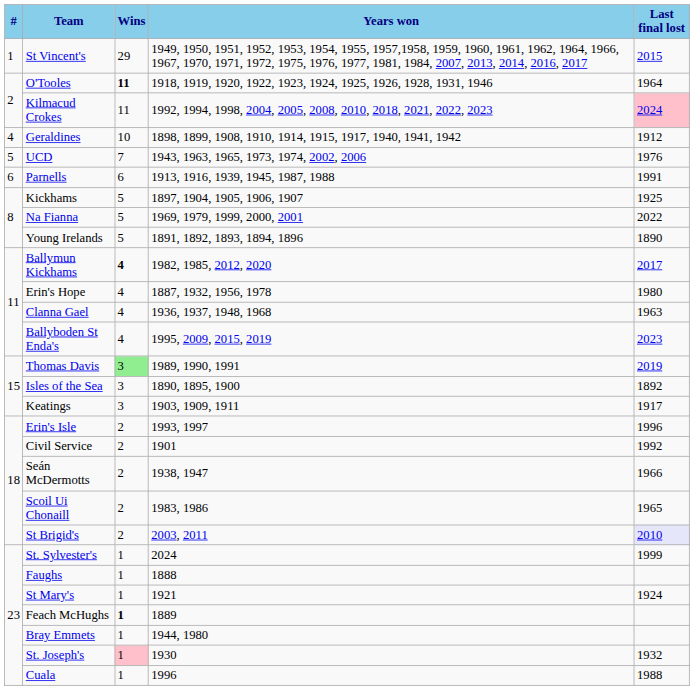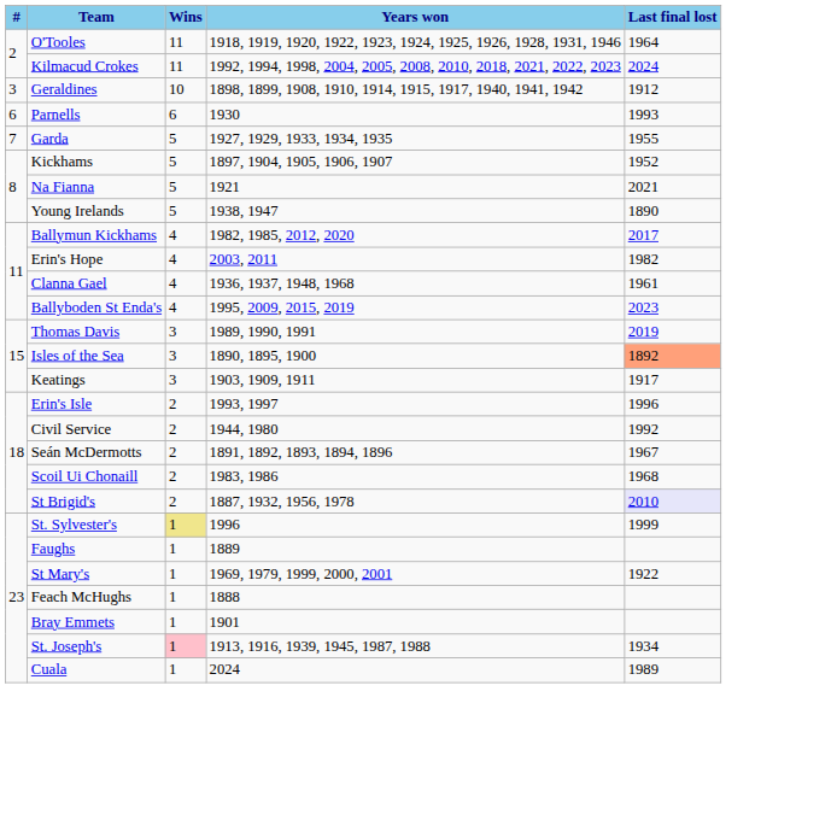 <table class="wikitable">
 <tr>
 <th style="background:skyblue;color:navy;">#</th>
 <th style="background:skyblue;color:navy;">Team</th>
 <th style="background:skyblue;color:navy;">Wins</th>
 <th style="background:skyblue;color:navy;">Years won</th>
 <th style="background:skyblue;color:navy;">Last final lost</th>
 </tr>
 <tr>
-<td>1</td>
-<td><a href='#'>St Vincent's</a></td>
-<td>29</td>
-<td>1949, 1950, 1951, 1952, 1953, 1954, 1955, 1957,1958, 1959, 1960, 1961, 1962, 1964, 1966, 1967, 1970, 1971, 1972, 1975, 1976, 1977, 1981, 1984, <a href='#'>2007</a>, <a href='#'>2013</a>, <a href='#'>2014</a>, <a href='#'>2016</a>, <a href='#'>2017</a></td>
-<td><a href='#'>2015</a></td>
-</tr>
-<tr>
 <td rowspan=2>2</td>
 <td><a href='#'>O'Tooles</a></td>
-<td><strong>11</strong></td>
+<td>11</td>
 <td>1918, 1919, 1920, 1922, 1923, 1924, 1925, 1926, 1928, 1931, 1946</td>
 <td>1964</td>
 </tr>
 <tr>
 <td><a href='#'>Kilmacud Crokes</a></td>
 <td>11</td>
 <td>1992, 1994, 1998, <a href='#'>2004</a>, <a href='#'>2005</a>, <a href='#'>2008</a>, <a href='#'>2010</a>, <a href='#'>2018</a>, <a href='#'>2021</a>, <a href='#'>2022</a>, <a href='#'>2023</a></td>
-<td style="background: pink;"><a href='#'>2024</a></td>
+<td><a href='#'>2024</a></td>
 </tr>
 <tr>
-<td>4</td>
+<td>3</td>
 <td><a href='#'>Geraldines</a></td>
 <td>10</td>
 <td>1898, 1899, 1908, 1910, 1914, 1915, 1917, 1940, 1941, 1942</td>
 <td>1912</td>
 </tr>
 <tr>
-<td>5</td>
-<td><a href='#'>UCD</a></td>
-<td>7</td>
-<td>1943, 1963, 1965, 1973, 1974, <a href='#'>2002</a>, <a href='#'>2006</a></td>
-<td>1976</td>
-</tr>
-<tr>
 <td>6</td>
 <td><a href='#'>Parnells</a></td>
 <td>6</td>
-<td>1913, 1916, 1939, 1945, 1987, 1988</td>
-<td>1991</td>
+<td>1930</td>
+<td>1993</td>
+</tr>
+<tr>
+<td>7</td>
+<td><a href='#'>Garda</a></td>
+<td>5</td>
+<td>1927, 1929, 1933, 1934, 1935</td>
+<td>1955</td>
 </tr>
 <tr>
 <td rowspan=3>8</td>
 <td [>Kickhams</td>
 <td>5</td>
 <td>1897, 1904, 1905, 1906, 1907</td>
-<td>1925</td>
+<td>1952</td>
 </tr>
 <tr>
 <td><a href='#'>Na Fianna</a></td>
 <td>5</td>
-<td>1969, 1979, 1999, 2000, <a href='#'>2001</a></td>
-<td>2022</td>
+<td>1921</td>
+<td>2021</td>
 </tr>
 <tr>
 <td>Young Irelands</td>
 <td>5</td>
-<td>1891, 1892, 1893, 1894, 1896</td>
+<td>1938, 1947</td>
 <td>1890</td>
 </tr>
 <tr>
 <td rowspan=4>11</td>
 <td><a href='#'>Ballymun Kickhams</a></td>
-<td><strong>4</strong></td>
+<td>4</td>
 <td>1982, 1985, <a href='#'>2012</a>, <a href='#'>2020</a></td>
 <td><a href='#'>2017</a></td>
 </tr>
 <tr>
 <td>Erin's Hope</td>
 <td>4</td>
-<td>1887, 1932, 1956, 1978</td>
-<td>1980</td>
+<td><a href='#'>2003</a>, <a href='#'>2011</a></td>
+<td>1982</td>
 </tr>
 <tr>
 <td><a href='#'>Clanna Gael</a></td>
 <td>4</td>
 <td>1936, 1937, 1948, 1968</td>
-<td>1963</td>
+<td>1961</td>
 </tr>
 <tr>
 <td><a href='#'>Ballyboden St Enda's</a></td>
 <td>4</td>
 <td>1995, <a href='#'>2009</a>, <a href='#'>2015</a>, <a href='#'>2019</a></td>
 <td><a href='#'>2023</a></td>
 </tr>
 <tr>
 <td rowspan=3>15</td>
 <td><a href='#'>Thomas Davis</a></td>
-<td style="background: lightgreen;">3</td>
+<td>3</td>
 <td>1989, 1990, 1991</td>
 <td><a href='#'>2019</a></td>
 </tr>
 <tr>
 <td><a href='#'> Isles of the Sea</a></td>
 <td>3</td>
 <td>1890, 1895, 1900</td>
-<td>1892</td>
+<td style="background: lightsalmon;">1892</td>
 </tr>
 <tr>
 <td>Keatings</td>
 <td>3</td>
 <td>1903, 1909, 1911</td>
 <td>1917</td>
 </tr>
 <tr>
 <td rowspan=5>18</td>
 <td><a href='#'>Erin's Isle</a></td>
 <td>2</td>
 <td>1993, 1997</td>
 <td>1996</td>
 </tr>
 <tr>
 <td>Civil Service</td>
 <td>2</td>
-<td>1901</td>
+<td>1944, 1980</td>
 <td>1992</td>
 </tr>
 <tr>
 <td>Seán McDermotts</td>
 <td>2</td>
-<td>1938, 1947</td>
-<td>1966</td>
+<td>1891, 1892, 1893, 1894, 1896</td>
+<td>1967</td>
 </tr>
 <tr>
 <td><a href='#'>Scoil Ui Chonaill</a></td>
 <td>2</td>
 <td>1983, 1986</td>
-<td>1965</td>
+<td>1968</td>
 </tr>
 <tr>
 <td><a href='#'>St Brigid's</a></td>
 <td>2</td>
-<td><a href='#'>2003</a>, <a href='#'>2011</a></td>
+<td>1887, 1932, 1956, 1978</td>
 <td style="background: lavender;"><a href='#'>2010</a></td>
 </tr>
 <tr>
 <td rowspan=7>23</td>
 <td><a href='#'>St. Sylvester's</a></td>
-<td>1</td>
-<td>2024</td>
+<td style="background: khaki;">1</td>
+<td>1996</td>
 <td>1999</td>
 </tr>
 <tr>
 <td><a href='#'>Faughs</a></td>
 <td>1</td>
-<td>1888</td>
+<td>1889</td>
 <td></td>
 </tr>
 <tr>
 <td><a href='#'>St Mary's</a></td>
 <td>1</td>
-<td>1921</td>
-<td>1924</td>
+<td>1969, 1979, 1999, 2000, <a href='#'>2001</a></td>
+<td>1922</td>
 </tr>
 <tr>
 <td>Feach McHughs</td>
-<td><strong>1</strong></td>
-<td>1889</td>
+<td>1</td>
+<td>1888</td>
 <td></td>
 </tr>
 <tr>
 <td><a href='#'>Bray Emmets</a></td>
 <td>1</td>
-<td>1944, 1980</td>
+<td>1901</td>
 <td></td>
 </tr>
 <tr>
 <td><a href='#'>St. Joseph's</a></td>
 <td style="background: pink;">1</td>
-<td>1930</td>
-<td>1932</td>
+<td>1913, 1916, 1939, 1945, 1987, 1988</td>
+<td>1934</td>
 </tr>
 <tr>
 <td><a href='#'>Cuala</a></td>
 <td>1</td>
-<td>1996</td>
-<td>1988</td>
+<td>2024</td>
+<td>1989</td>
 </tr>
 </table>
